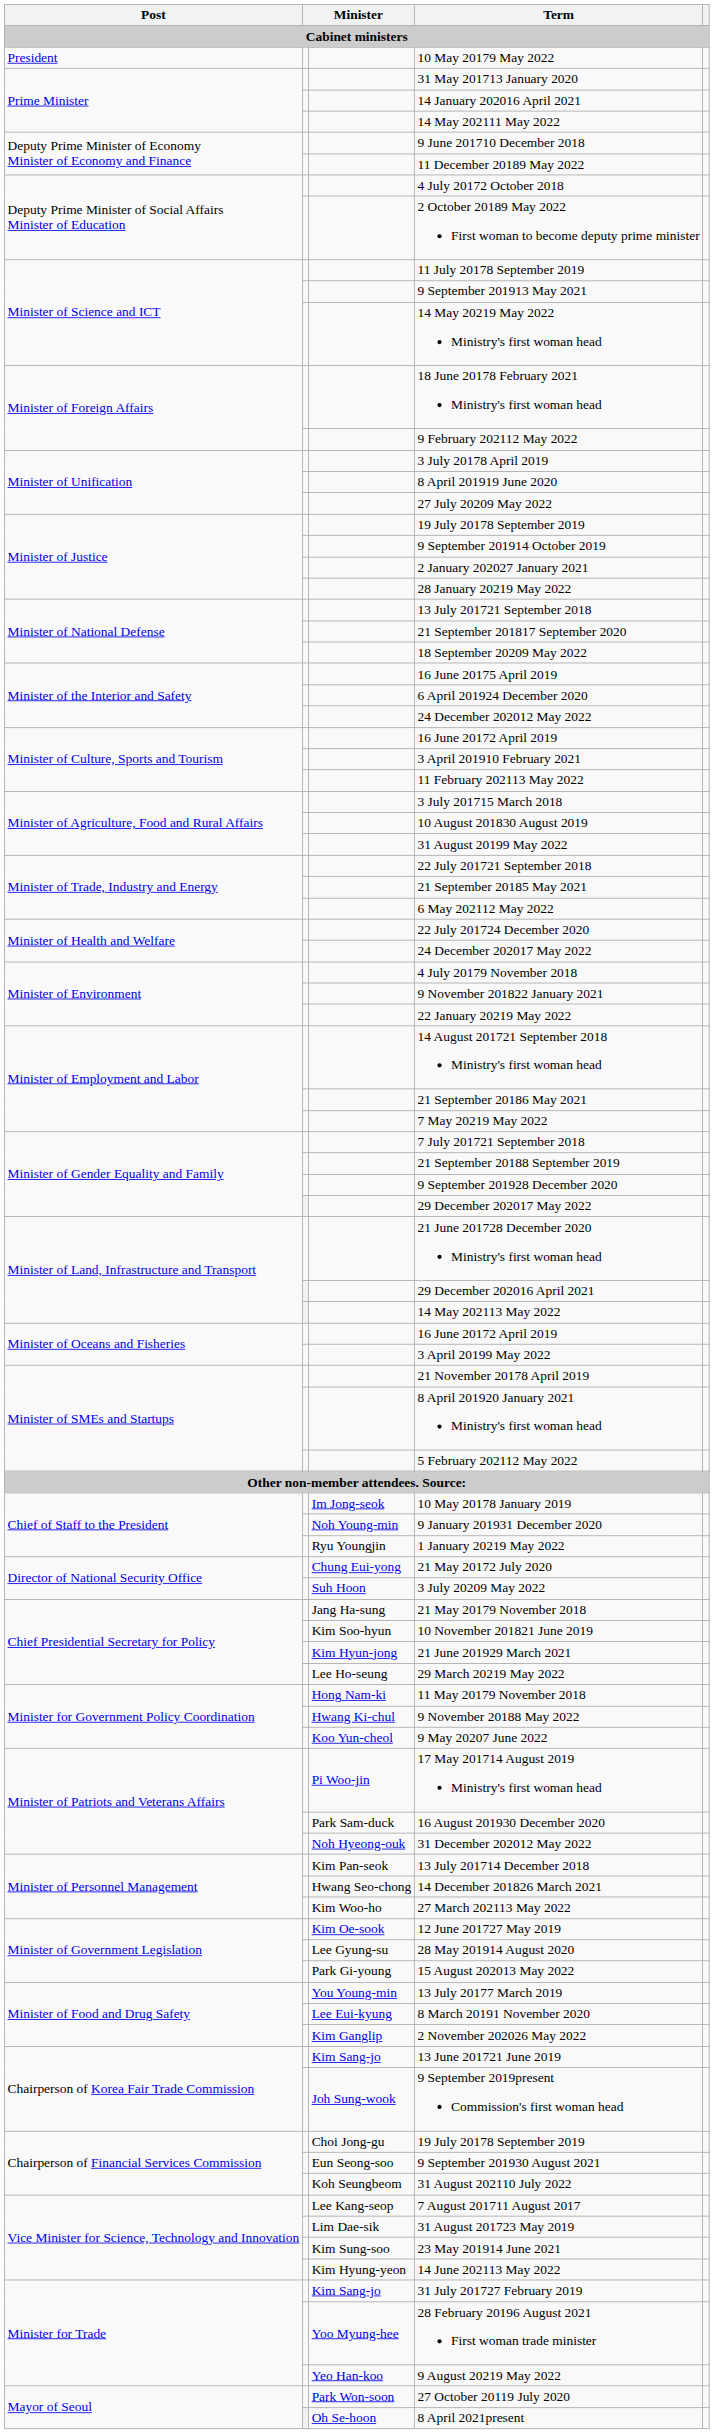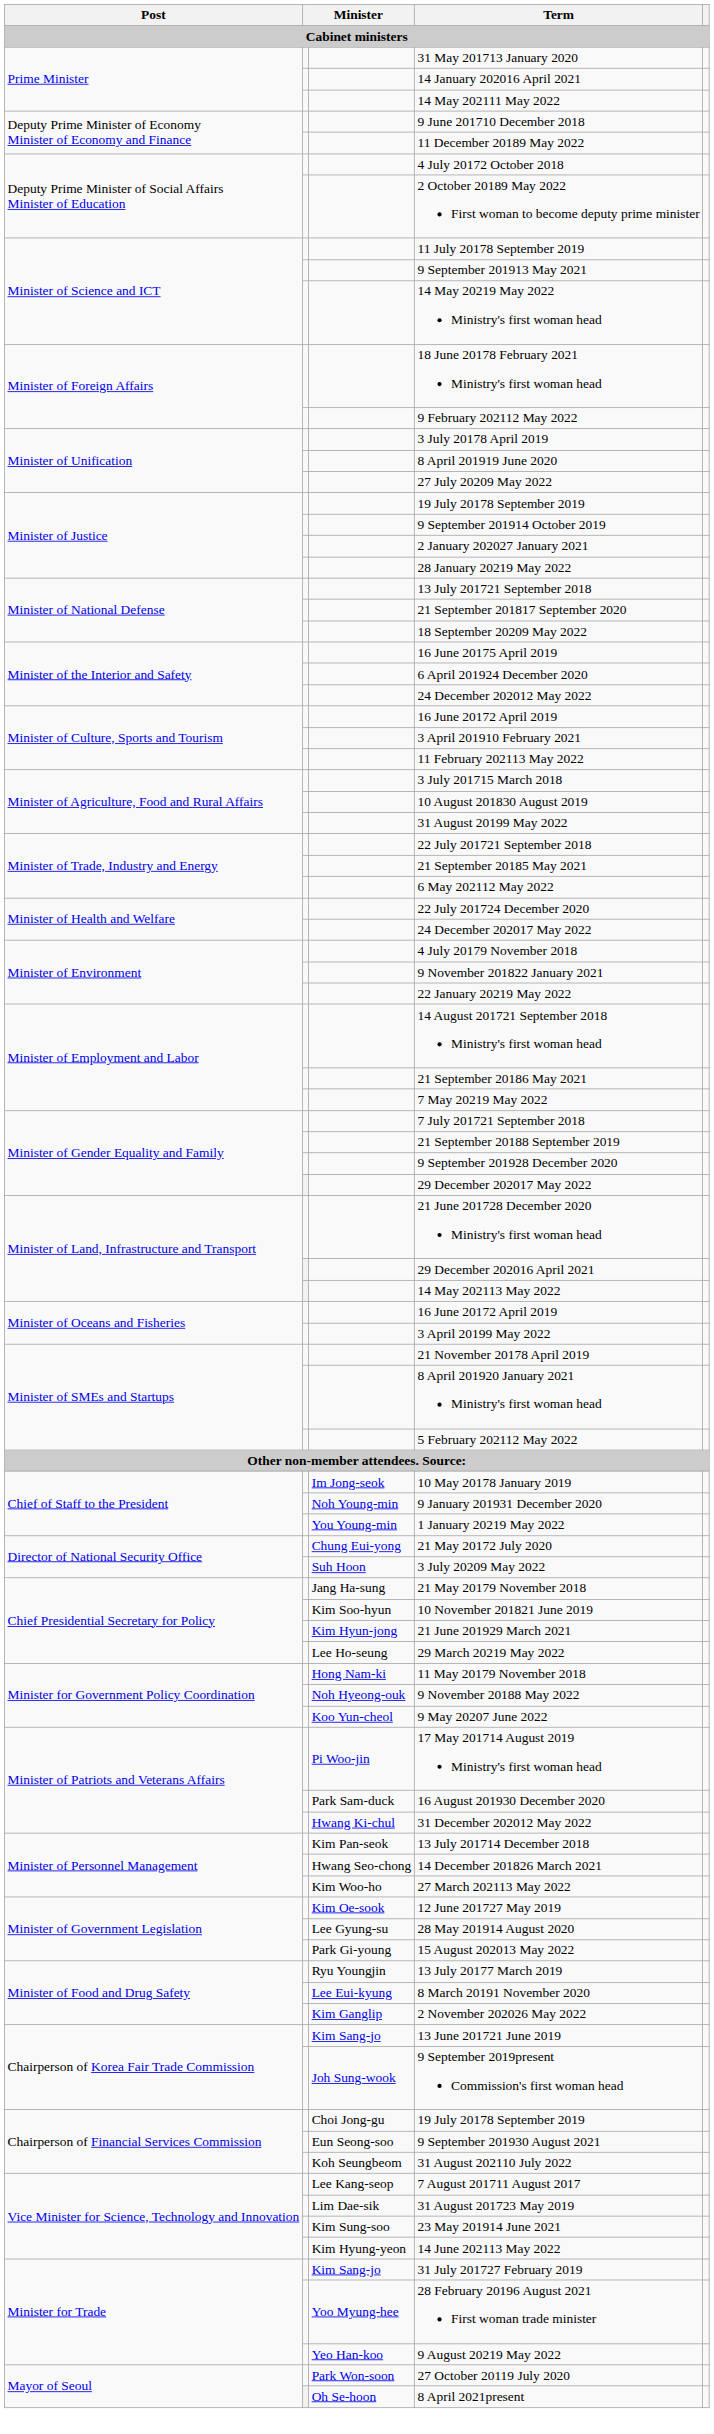 <table class="wikitable">
 <tr>
 <th>Post</th>
 <th colspan="2">Minister</th>
 <th>Term</th>
 <th></th>
 </tr>
 <tr>
 <th colspan="5" style="background:#ccc">Cabinet ministers</th>
-</tr>
-<tr>
-<td><a href='#'>President</a></td>
-<td style="background: "></td>
-<td></td>
-<td>10 May 20179 May 2022</td>
-<td></td>
 </tr>
 <tr>
 <td rowspan="3"><a href='#'>Prime Minister</a></td>
 <td style="background: "></td>
 <td></td>
 <td>31 May 201713 January 2020</td>
 <td></td>
 </tr>
 <tr>
 <td style="background: "></td>
 <td></td>
 <td>14 January 202016 April 2021</td>
 <td></td>
 </tr>
 <tr>
 <td style="background: "></td>
 <td></td>
 <td>14 May 202111 May 2022</td>
 <td></td>
 </tr>
 <tr>
 <td rowspan="2">Deputy Prime Minister of Economy<br><a href='#'>Minister of Economy and Finance</a></td>
 <td style="background: "></td>
 <td></td>
 <td>9 June 201710 December 2018</td>
 <td></td>
 </tr>
 <tr>
 <td style="background: "></td>
 <td></td>
 <td>11 December 20189 May 2022</td>
 <td></td>
 </tr>
 <tr>
 <td rowspan="2">Deputy Prime Minister of Social Affairs<br><a href='#'>Minister of Education</a></td>
 <td style="background: "></td>
 <td></td>
 <td>4 July 20172 October 2018</td>
 <td></td>
 </tr>
 <tr>
 <td style="background: "></td>
 <td></td>
 <td>2 October 20189 May 2022<br><ul><li>First woman to become deputy prime minister</li></ul></td>
 <td></td>
 </tr>
 <tr>
 <td rowspan="3"><a href='#'>Minister of Science and ICT</a></td>
 <td style="background: "></td>
 <td></td>
 <td>11 July 20178 September 2019</td>
 <td></td>
 </tr>
 <tr>
 <td style="background: "></td>
 <td></td>
 <td>9 September 201913 May 2021</td>
 <td></td>
 </tr>
 <tr>
 <td style="background: "></td>
 <td></td>
 <td>14 May 20219 May 2022<br><ul><li>Ministry's first woman head</li></ul></td>
 <td></td>
 </tr>
 <tr>
 <td rowspan="2"><a href='#'>Minister of Foreign Affairs</a></td>
 <td style="background: "></td>
 <td></td>
 <td>18 June 20178 February 2021<br><ul><li>Ministry's first woman head</li></ul></td>
 <td></td>
 </tr>
 <tr>
 <td style="background: "></td>
 <td></td>
 <td>9 February 202112 May 2022</td>
 <td></td>
 </tr>
 <tr>
 <td rowspan="3"><a href='#'>Minister of Unification</a></td>
 <td style="background: "></td>
 <td></td>
 <td>3 July 20178 April 2019</td>
 <td></td>
 </tr>
 <tr>
 <td style="background: "></td>
 <td></td>
 <td>8 April 201919 June 2020</td>
 <td></td>
 </tr>
 <tr>
 <td style="background: "></td>
 <td></td>
 <td>27 July 20209 May 2022</td>
 <td></td>
 </tr>
 <tr>
 <td rowspan="4"><a href='#'>Minister of Justice</a></td>
 <td style="background: "></td>
 <td></td>
 <td>19 July 20178 September 2019</td>
 <td></td>
 </tr>
 <tr>
 <td style="background: "></td>
 <td></td>
 <td>9 September 201914 October 2019</td>
 <td></td>
 </tr>
 <tr>
 <td style="background: "></td>
 <td></td>
 <td>2 January 202027 January 2021</td>
 <td></td>
 </tr>
 <tr>
 <td style="background: "></td>
 <td></td>
 <td>28 January 20219 May 2022</td>
 <td></td>
 </tr>
 <tr>
 <td rowspan="3"><a href='#'>Minister of National Defense</a></td>
 <td style="background: "></td>
 <td></td>
 <td>13 July 201721 September 2018</td>
 <td></td>
 </tr>
 <tr>
 <td style="background: "></td>
 <td></td>
 <td>21 September 201817 September 2020</td>
 <td></td>
 </tr>
 <tr>
 <td style="background: "></td>
 <td></td>
 <td>18 September 20209 May 2022</td>
 <td></td>
 </tr>
 <tr>
 <td rowspan="3"><a href='#'>Minister of the Interior and Safety</a></td>
 <td style="background: "></td>
 <td></td>
 <td>16 June 20175 April 2019</td>
 <td></td>
 </tr>
 <tr>
 <td style="background: "></td>
 <td></td>
 <td>6 April 201924 December 2020</td>
 <td></td>
 </tr>
 <tr>
 <td style="background: "></td>
 <td></td>
 <td>24 December 202012 May 2022</td>
 <td></td>
 </tr>
 <tr>
 <td rowspan="3"><a href='#'>Minister of Culture, Sports and Tourism</a></td>
 <td style="background: "></td>
 <td></td>
 <td>16 June 20172 April 2019</td>
 <td></td>
 </tr>
 <tr>
 <td style="background: "></td>
 <td></td>
 <td>3 April 201910 February 2021</td>
 <td></td>
 </tr>
 <tr>
 <td style="background: "></td>
 <td></td>
 <td>11 February 202113 May 2022</td>
 <td></td>
 </tr>
 <tr>
 <td rowspan="3"><a href='#'>Minister of Agriculture, Food and Rural Affairs</a></td>
 <td style="background: "></td>
 <td></td>
 <td>3 July 201715 March 2018</td>
 <td></td>
 </tr>
 <tr>
 <td style="background: "></td>
 <td></td>
 <td>10 August 201830 August 2019</td>
 <td></td>
 </tr>
 <tr>
 <td style="background: "></td>
 <td></td>
 <td>31 August 20199 May 2022</td>
 <td></td>
 </tr>
 <tr>
 <td rowspan="3"><a href='#'>Minister of Trade, Industry and Energy</a></td>
 <td style="background: "></td>
 <td></td>
 <td>22 July 201721 September 2018</td>
 <td></td>
 </tr>
 <tr>
 <td style="background: "></td>
 <td></td>
 <td>21 September 20185 May 2021</td>
 <td></td>
 </tr>
 <tr>
 <td style="background: "></td>
 <td></td>
 <td>6 May 202112 May 2022</td>
 <td></td>
 </tr>
 <tr>
 <td rowspan="2"><a href='#'>Minister of Health and Welfare</a></td>
 <td style="background: "></td>
 <td></td>
 <td>22 July 201724 December 2020</td>
 <td></td>
 </tr>
 <tr>
 <td style="background: "></td>
 <td></td>
 <td>24 December 202017 May 2022</td>
 <td></td>
 </tr>
 <tr>
 <td rowspan="3"><a href='#'>Minister of Environment</a></td>
 <td style="background: "></td>
 <td></td>
 <td>4 July 20179 November 2018</td>
 <td></td>
 </tr>
 <tr>
 <td style="background: "></td>
 <td></td>
 <td>9 November 201822 January 2021</td>
 <td></td>
 </tr>
 <tr>
 <td style="background: "></td>
 <td></td>
 <td>22 January 20219 May 2022</td>
 <td></td>
 </tr>
 <tr>
 <td rowspan="3"><a href='#'>Minister of Employment and Labor</a></td>
 <td style="background: "></td>
 <td></td>
 <td>14 August 201721 September 2018<br><ul><li>Ministry's first woman head</li></ul></td>
 <td></td>
 </tr>
 <tr>
 <td style="background: "></td>
 <td></td>
 <td>21 September 20186 May 2021</td>
 <td></td>
 </tr>
 <tr>
 <td style="background: "></td>
 <td></td>
 <td>7 May 20219 May 2022</td>
 <td></td>
 </tr>
 <tr>
 <td rowspan="4"><a href='#'>Minister of Gender Equality and Family</a></td>
 <td style="background: "></td>
 <td></td>
 <td>7 July 201721 September 2018</td>
 <td></td>
 </tr>
 <tr>
 <td style="background: "></td>
 <td></td>
 <td>21 September 20188 September 2019</td>
 <td></td>
 </tr>
 <tr>
 <td style="background: "></td>
 <td></td>
 <td>9 September 201928 December 2020</td>
 <td></td>
 </tr>
 <tr>
 <th></th>
 <td></td>
 <td>29 December 202017 May 2022</td>
 <td></td>
 </tr>
 <tr>
 <td rowspan="3"><a href='#'>Minister of Land, Infrastructure and Transport</a></td>
 <td style="background: "></td>
 <td></td>
 <td>21 June 201728 December 2020<br><ul><li>Ministry's first woman head</li></ul></td>
 <td></td>
 </tr>
 <tr>
 <th></th>
 <td></td>
 <td>29 December 202016 April 2021</td>
 <td></td>
 </tr>
 <tr>
 <th></th>
 <td></td>
 <td>14 May 202113 May 2022</td>
 <td></td>
 </tr>
 <tr>
 <td rowspan="2"><a href='#'>Minister of Oceans and Fisheries</a></td>
 <td style="background: "></td>
 <td></td>
 <td>16 June 20172 April 2019</td>
 <td></td>
 </tr>
 <tr>
 <td style="background: "></td>
 <td></td>
 <td>3 April 20199 May 2022</td>
 <td></td>
 </tr>
 <tr>
 <td rowspan="3"><a href='#'>Minister of SMEs and Startups</a></td>
 <td style="background: "></td>
 <td></td>
 <td>21 November 20178 April 2019</td>
 <td></td>
 </tr>
 <tr>
 <td style="background: "></td>
 <td></td>
 <td>8 April 201920 January 2021<br><ul><li>Ministry's first woman head</li></ul></td>
 <td></td>
 </tr>
 <tr>
 <td style="background: "></td>
 <td></td>
 <td>5 February 202112 May 2022</td>
 <td></td>
 </tr>
 <tr>
 <th colspan="5" style="background:#ccc">Other non-member attendees. Source:</th>
 </tr>
 <tr>
 <td rowspan="3"><a href='#'>Chief of Staff to the President</a></td>
 <td style="background: "></td>
 <td><a href='#'>Im Jong-seok</a></td>
 <td>10 May 20178 January 2019</td>
 <td></td>
 </tr>
 <tr>
 <td style="background: "></td>
 <td><a href='#'>Noh Young-min</a></td>
 <td>9 January 201931 December 2020</td>
 <td></td>
 </tr>
 <tr>
 <td style="background: "></td>
-<td>Ryu Youngjin</td>
+<td><a href='#'>You Young-min</a></td>
 <td>1 January 20219 May 2022</td>
 <td></td>
 </tr>
 <tr>
 <td rowspan="2"><a href='#'>Director of National Security Office</a></td>
 <td style="background: "></td>
 <td><a href='#'>Chung Eui-yong</a></td>
 <td>21 May 20172 July 2020</td>
 <td></td>
 </tr>
 <tr>
 <td style="background:"></td>
 <td><a href='#'>Suh Hoon</a></td>
 <td>3 July 20209 May 2022</td>
 <td></td>
 </tr>
 <tr>
 <td rowspan="4"><a href='#'>Chief Presidential Secretary for Policy</a></td>
 <td style="background:"></td>
 <td>Jang Ha-sung</td>
 <td>21 May 20179 November 2018</td>
 <td></td>
 </tr>
 <tr>
 <td style="background:"></td>
 <td>Kim Soo-hyun</td>
 <td>10 November 201821 June 2019</td>
 <td></td>
 </tr>
 <tr>
 <td style="background:"></td>
 <td><a href='#'>Kim Hyun-jong</a></td>
 <td>21 June 201929 March 2021</td>
 <td></td>
 </tr>
 <tr>
 <td style="background:"></td>
 <td>Lee Ho-seung</td>
 <td>29 March 20219 May 2022</td>
 <td></td>
 </tr>
 <tr>
 <td rowspan="3"><a href='#'>Minister for Government Policy Coordination</a></td>
 <td style="background:"></td>
 <td><a href='#'>Hong Nam-ki</a></td>
 <td>11 May 20179 November 2018</td>
 <td></td>
 </tr>
 <tr>
 <td style="background:"></td>
-<td><a href='#'>Hwang Ki-chul</a></td>
+<td><a href='#'>Noh Hyeong-ouk</a></td>
 <td>9 November 20188 May 2022</td>
 <td></td>
 </tr>
 <tr>
 <td style="background:"></td>
 <td><a href='#'>Koo Yun-cheol</a></td>
 <td>9 May 20207 June 2022</td>
 <td></td>
 </tr>
 <tr>
 <td rowspan="3"><a href='#'>Minister of Patriots and Veterans Affairs</a></td>
 <td style="background:"></td>
 <td><a href='#'>Pi Woo-jin</a></td>
 <td>17 May 201714 August 2019<br><ul><li>Ministry's first woman head</li></ul></td>
 <td></td>
 </tr>
 <tr>
 <td style="background:"></td>
 <td>Park Sam-duck</td>
 <td>16 August 201930 December 2020</td>
 <td></td>
 </tr>
 <tr>
 <td style="background: "></td>
-<td><a href='#'>Noh Hyeong-ouk</a></td>
+<td><a href='#'>Hwang Ki-chul</a></td>
 <td>31 December 202012 May 2022</td>
 <td></td>
 </tr>
 <tr>
 <td rowspan="3"><a href='#'>Minister of Personnel Management</a></td>
 <td style="background:"></td>
 <td>Kim Pan-seok</td>
 <td>13 July 201714 December 2018</td>
 <td></td>
 </tr>
 <tr>
 <td style="background:"></td>
 <td>Hwang Seo-chong</td>
 <td>14 December 201826 March 2021</td>
 <td></td>
 </tr>
 <tr>
 <td style="background:"></td>
 <td>Kim Woo-ho</td>
 <td>27 March 202113 May 2022</td>
 <td></td>
 </tr>
 <tr>
 <td rowspan="3"><a href='#'>Minister of Government Legislation</a></td>
 <td style="background:"></td>
 <td><a href='#'>Kim Oe-sook</a></td>
 <td>12 June 201727 May 2019</td>
 <td></td>
 </tr>
 <tr>
 <td style="background:"></td>
 <td>Lee Gyung-su</td>
 <td>28 May 201914 August 2020</td>
 <td></td>
 </tr>
 <tr>
 <td style="background:"></td>
 <td>Park Gi-young</td>
 <td>15 August 202013 May 2022</td>
 <td></td>
 </tr>
 <tr>
 <td rowspan="3"><a href='#'>Minister of Food and Drug Safety</a></td>
 <td style="background: "></td>
-<td><a href='#'>You Young-min</a></td>
+<td>Ryu Youngjin</td>
 <td>13 July 20177 March 2019</td>
 <td></td>
 </tr>
 <tr>
 <td style="background:"></td>
 <td><a href='#'>Lee Eui-kyung</a></td>
 <td>8 March 20191 November 2020</td>
 <td></td>
 </tr>
 <tr>
 <td style="background:"></td>
 <td><a href='#'>Kim Ganglip</a></td>
 <td>2 November 202026 May 2022</td>
 <td></td>
 </tr>
 <tr>
 <td rowspan="2">Chairperson of <a href='#'>Korea Fair Trade Commission</a></td>
 <td style="background:"></td>
 <td><a href='#'>Kim Sang-jo</a></td>
 <td>13 June 201721 June 2019</td>
 <td></td>
 </tr>
 <tr>
 <td style="background:"></td>
 <td><a href='#'>Joh Sung-wook</a></td>
 <td>9 September 2019present<br><ul><li>Commission's first woman head</li></ul></td>
 <td></td>
 </tr>
 <tr>
 <td rowspan="3">Chairperson of <a href='#'>Financial Services Commission</a></td>
 <td style="background:"></td>
 <td>Choi Jong-gu</td>
 <td>19 July 20178 September 2019</td>
 <td></td>
 </tr>
 <tr>
 <td style="background:"></td>
 <td>Eun Seong-soo</td>
 <td>9 September 201930 August 2021</td>
 <td></td>
 </tr>
 <tr>
 <td style="background:"></td>
 <td>Koh Seungbeom</td>
 <td>31 August 202110 July 2022</td>
 <td></td>
 </tr>
 <tr>
 <td rowspan="4"><a href='#'>Vice Minister for Science, Technology and Innovation</a></td>
 <td style="background:"></td>
 <td>Lee Kang-seop</td>
 <td>7 August 201711 August 2017</td>
 <td></td>
 </tr>
 <tr>
 <td style="background:"></td>
 <td>Lim Dae-sik</td>
 <td>31 August 201723 May 2019</td>
 <td></td>
 </tr>
 <tr>
 <td style="background:"></td>
 <td>Kim Sung-soo</td>
 <td>23 May 201914 June 2021</td>
 <td></td>
 </tr>
 <tr>
 <td style="background:"></td>
 <td>Kim Hyung-yeon</td>
 <td>14 June 202113 May 2022</td>
 <td></td>
 </tr>
 <tr>
 <td rowspan="3"><a href='#'>Minister for Trade</a></td>
 <td style="background:"></td>
 <td><a href='#'>Kim Sang-jo</a></td>
 <td>31 July 201727 February 2019</td>
 <td></td>
 </tr>
 <tr>
 <td style="background:"></td>
 <td><a href='#'>Yoo Myung-hee</a></td>
 <td>28 February 20196 August 2021<br><ul><li>First woman trade minister</li></ul></td>
 <td></td>
 </tr>
 <tr>
 <td style="background:"></td>
 <td><a href='#'>Yeo Han-koo</a></td>
 <td>9 August 20219 May 2022</td>
 <td></td>
 </tr>
 <tr>
 <td rowspan="2"><a href='#'>Mayor of Seoul</a></td>
 <td style="background: "></td>
 <td><a href='#'>Park Won-soon</a></td>
 <td>27 October 20119 July 2020</td>
 <td></td>
 </tr>
 <tr>
 <th style="background-color: "></th>
 <td><a href='#'>Oh Se-hoon</a></td>
 <td>8 April 2021present</td>
 <td></td>
 </tr>
 </table>
